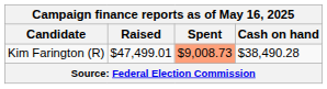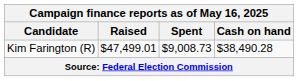 <table class="wikitable sortable">
 <tr>
 <th colspan=4>Campaign finance reports as of May 16, 2025</th>
 </tr>
 <tr style="text-align:center;">
 <th>Candidate</th>
 <th>Raised</th>
 <th>Spent</th>
 <th>Cash on hand</th>
 </tr>
 <tr>
 <td>Kim Farington (R)</td>
 <td>$47,499.01</td>
-<td style="background: lightsalmon;">$9,008.73</td>
+<td>$9,008.73</td>
 <td>$38,490.28</td>
 </tr>
 <tr>
 <th colspan="4"><small>Source: <a href='#'>Federal Election Commission</a></small></th>
 </tr>
 </table>
